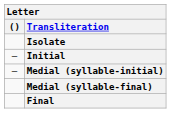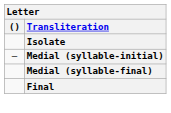 <table class="wikitable" style="text-align: center; display: inline-table;">
 <tr>
 <th colspan="2" style="text-align: left">Letter</th>
 </tr>
 <tr>
 <th style="min-width: 1.75em"> ()</th>
 <th style="text-align: left"><a href='#'>Transliteration</a></th>
 </tr>
 <tr>
 <td></td>
 <th style="text-align: left">Isolate</th>
 </tr>
 <tr>
 <td>—</td>
-<th style="text-align: left">Initial</th>
-</tr>
-<tr>
-<td>—</td>
 <th style="text-align: left">Medial (syllable-initial)</th>
 </tr>
 <tr>
 <td></td>
 <th style="text-align: left">Medial (syllable-final)</th>
 </tr>
 <tr>
 <td></td>
 <th style="text-align: left">Final</th>
 </tr>
 </table>
